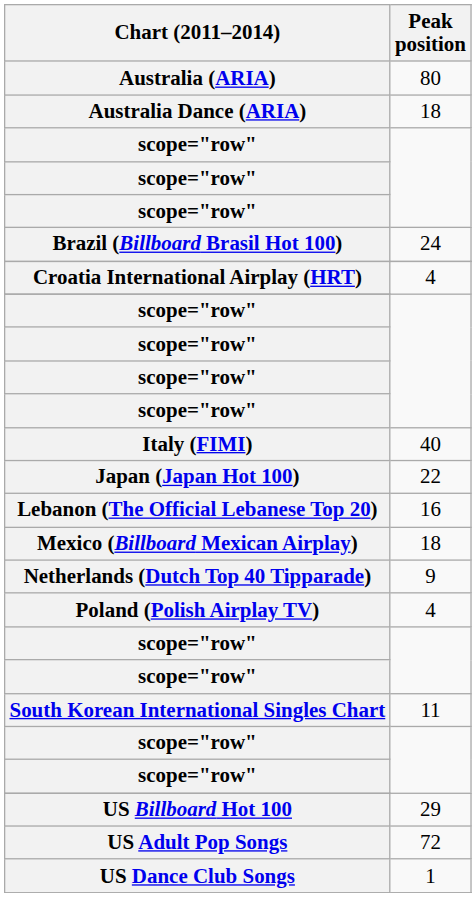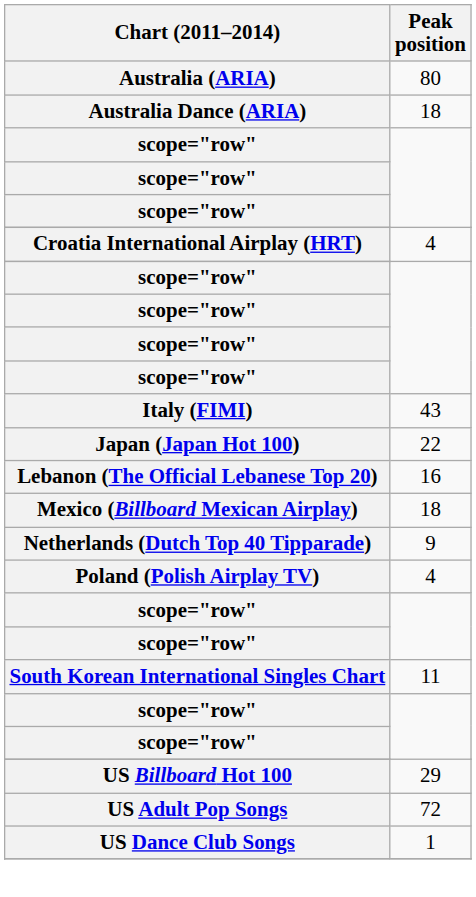 <table class="wikitable sortable plainrowheaders" style="text-align:center;">
 <tr>
 <th scope="col">Chart (2011–2014)</th>
 <th scope="col">Peak<br>position</th>
 </tr>
 <tr>
 <th scope="row">Australia (<a href='#'>ARIA</a>)</th>
 <td style="text-align:center;">80</td>
 </tr>
 <tr>
 <th scope="row">Australia Dance (<a href='#'>ARIA</a>)</th>
 <td style="text-align:center;">18</td>
 </tr>
 <tr>
 <th>scope="row" </th>
 </tr>
 <tr>
 <th>scope="row" </th>
 </tr>
 <tr>
 <th>scope="row" </th>
-</tr>
-<tr>
-<th scope="row">Brazil (<a href='#'><em>Billboard</em> Brasil Hot 100</a>)</th>
-<td style="text-align:center;">24</td>
 </tr>
 <tr>
 </tr>
 <tr>
 </tr>
 <tr>
 </tr>
 <tr>
 </tr>
 <tr>
 <th scope="row">Croatia International Airplay (<a href='#'>HRT</a>)</th>
 <td>4</td>
 </tr>
 <tr>
 </tr>
 <tr>
 </tr>
 <tr>
 <th>scope="row" </th>
 </tr>
 <tr>
 <th>scope="row" </th>
 </tr>
 <tr>
 <th>scope="row" </th>
 </tr>
 <tr>
 <th>scope="row" </th>
 </tr>
 <tr>
 <th scope="row">Italy (<a href='#'>FIMI</a>)</th>
-<td align=center>40</td>
+<td align=center>43</td>
 </tr>
 <tr>
 <th scope="row">Japan (<a href='#'>Japan Hot 100</a>)</th>
 <td>22</td>
 </tr>
 <tr>
 <th scope="row">Lebanon (<a href='#'>The Official Lebanese Top 20</a>)</th>
 <td style="text-align:center;">16</td>
 </tr>
 <tr>
 <th scope="row">Mexico (<a href='#'><em>Billboard</em> Mexican Airplay</a>)</th>
 <td>18</td>
 </tr>
 <tr>
 <th scope="row">Netherlands (<a href='#'>Dutch Top 40 Tipparade</a>)</th>
 <td>9</td>
 </tr>
 <tr>
 <th scope="row">Poland (<a href='#'>Polish Airplay TV</a>)</th>
 <td>4</td>
 </tr>
 <tr>
 <th>scope="row" </th>
 </tr>
 <tr>
 <th>scope="row" </th>
 </tr>
 <tr>
 <th scope="row"><a href='#'>South Korean International Singles Chart</a></th>
 <td style="text-align:center;">11</td>
 </tr>
 <tr>
 <th>scope="row" </th>
 </tr>
 <tr>
 <th>scope="row" </th>
 </tr>
 <tr>
 </tr>
 <tr>
 <th scope="row">US <a href='#'><em>Billboard</em> Hot 100</a></th>
 <td style="text-align:center;">29</td>
 </tr>
 <tr>
 <th scope="row">US <a href='#'>Adult Pop Songs</a></th>
 <td style="text-align:center;">72</td>
 </tr>
 <tr>
 <th scope="row">US <a href='#'>Dance Club Songs</a></th>
 <td style="text-align:center;">1</td>
 </tr>
 <tr>
 </tr>
 <tr>
 </tr>
 </table>
